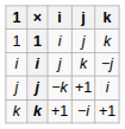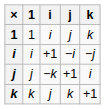 <table class="wikitable" align="right" style="text-align:center">
 <tr>
+<th width=15>×</th>
 <th width=15>1</th>
-<th width=15>×</th>
 <th width=15>i</th>
 <th width=15>j</th>
 <th width=15>k</th>
 </tr>
 <tr>
+<th>1</th>
 <td>1</td>
-<th>1</th>
 <td><em>i</em></td>
 <td><em>j</em></td>
 <td><em>k</em></td>
 </tr>
 <tr>
+<th><em>i</em></th>
 <td><em>i</em></td>
-<th><em>i</em></th>
-<td><em>j</em></td>
-<td><em>k</em></td>
+<td>+1</td>
+<td>−<em>i</em></td>
 <td>−<em>j</em></td>
 </tr>
 <tr>
+<th><em>j</em></th>
 <td><em>j</em></td>
-<th><em>j</em></th>
 <td>−<em>k</em></td>
 <td>+1</td>
 <td><em>i</em></td>
 </tr>
 <tr>
+<th><em>k</em></th>
 <td><em>k</em></td>
-<th><em>k</em></th>
-<td>+1</td>
-<td>−<em>i</em></td>
+<td><em>j</em></td>
+<td><em>k</em></td>
 <td>+1</td>
 </tr>
 </table>
